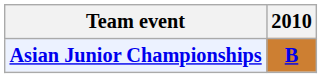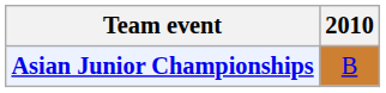 <table style='font-size: 90%; text-align:center;' class='wikitable'>
 <tr>
 <th>Team event</th>
 <th>2010</th>
 </tr>
 <tr>
 <td bgcolor="#ECF2FF"; align="left"><strong><a href='#'>Asian Junior Championships</a></strong></td>
-<td bgcolor=CD7F32><strong><a href='#'>B</a></strong></td>
+<td bgcolor=CD7F32><a href='#'>B</a></td>
 </tr>
 </table>
